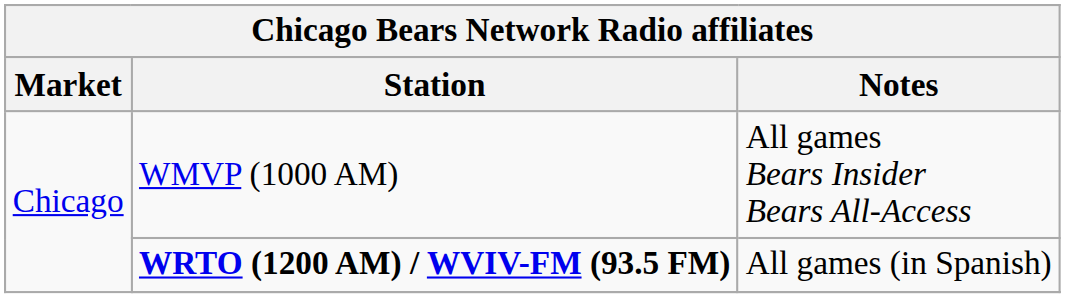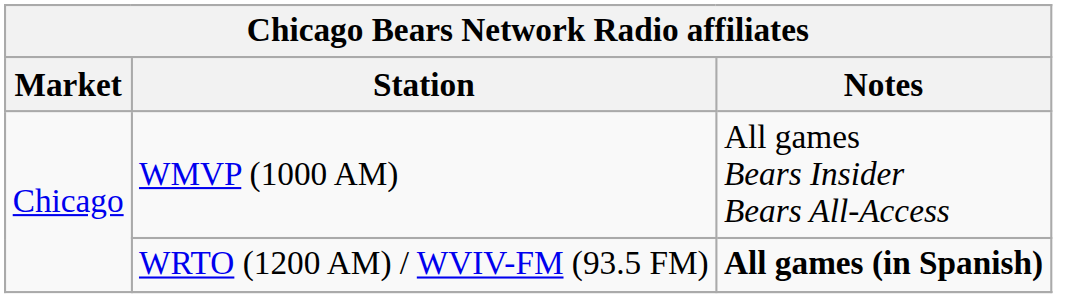 <table class="wikitable">
 <tr>
 <th colspan="3"><strong>Chicago Bears Network Radio affiliates</strong></th>
 </tr>
 <tr>
 <th>Market</th>
 <th>Station</th>
 <th>Notes</th>
 </tr>
 <tr>
 <td rowspan="3"><a href='#'>Chicago</a></td>
 <td><a href='#'>WMVP</a> (1000 AM)</td>
 <td>All games<br><em>Bears Insider</em><br><em>Bears All-Access</em></td>
 </tr>
 <tr>
-<td><strong><a href='#'>WRTO</a> (1200 AM) / <a href='#'>WVIV-FM</a> (93.5 FM)</strong></td>
-<td>All games (in Spanish)</td>
+<td><a href='#'>WRTO</a> (1200 AM) / <a href='#'>WVIV-FM</a> (93.5 FM)</td>
+<td><strong>All games (in Spanish)</strong></td>
 </tr>
 <tr>
 </tr>
 </table>
